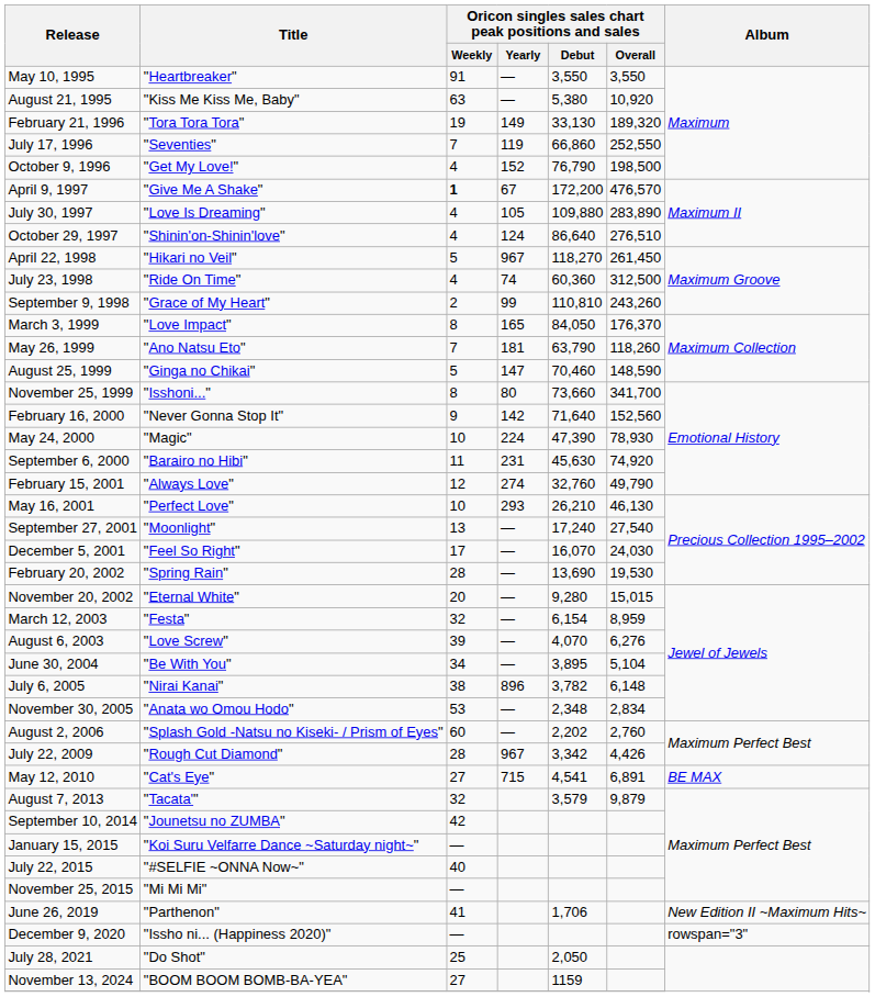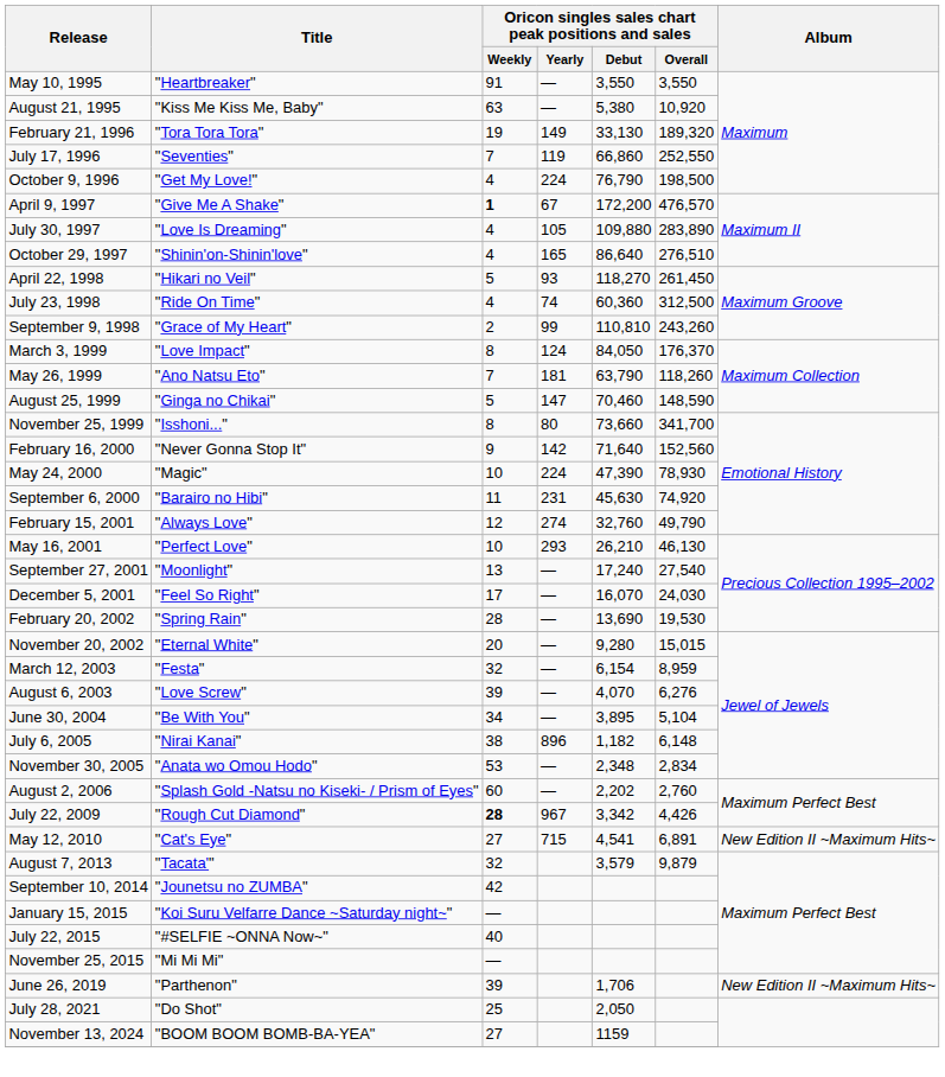 <table class="wikitable">
 <tr>
 <th rowspan="2">Release</th>
 <th rowspan="2">Title</th>
 <th colspan="4">Oricon singles sales chart peak positions and sales</th>
 <th rowspan="2">Album</th>
 </tr>
 <tr>
 <th width="50"><small>Weekly</small></th>
 <th width="50"><small>Yearly</small></th>
 <th width="50"><small>Debut</small></th>
 <th width="50"><small>Overall</small></th>
 </tr>
 <tr>
 <td>May 10, 1995</td>
 <td>"<a href='#'>Heartbreaker</a>"</td>
 <td>91</td>
 <td>—</td>
 <td>3,550</td>
 <td>3,550</td>
 <td rowspan="5"><em><a href='#'>Maximum</a></em></td>
 </tr>
 <tr>
 <td>August 21, 1995</td>
 <td>"Kiss Me Kiss Me, Baby"</td>
 <td>63</td>
 <td>—</td>
 <td>5,380</td>
 <td>10,920</td>
 </tr>
 <tr>
 <td>February 21, 1996</td>
 <td>"<a href='#'>Tora Tora Tora</a>"</td>
 <td>19</td>
 <td>149</td>
 <td>33,130</td>
 <td>189,320</td>
 </tr>
 <tr>
 <td>July 17, 1996</td>
 <td>"<a href='#'>Seventies</a>"</td>
 <td>7</td>
 <td>119</td>
 <td>66,860</td>
 <td>252,550</td>
 </tr>
 <tr>
 <td>October 9, 1996</td>
 <td>"<a href='#'>Get My Love!</a>"</td>
 <td>4</td>
-<td>152</td>
+<td>224</td>
 <td>76,790</td>
 <td>198,500</td>
 </tr>
 <tr>
 <td>April 9, 1997</td>
 <td>"<a href='#'>Give Me A Shake</a>"</td>
 <td><strong>1</strong></td>
 <td>67</td>
 <td>172,200</td>
 <td>476,570</td>
 <td rowspan="3"><em><a href='#'>Maximum II</a></em></td>
 </tr>
 <tr>
 <td>July 30, 1997</td>
 <td>"<a href='#'>Love Is Dreaming</a>"</td>
 <td>4</td>
 <td>105</td>
 <td>109,880</td>
 <td>283,890</td>
 </tr>
 <tr>
 <td>October 29, 1997</td>
 <td>"<a href='#'>Shinin'on-Shinin'love</a>"</td>
 <td>4</td>
-<td>124</td>
+<td>165</td>
 <td>86,640</td>
 <td>276,510</td>
 </tr>
 <tr>
 <td>April 22, 1998</td>
 <td>"<a href='#'>Hikari no Veil</a>"</td>
 <td>5</td>
-<td>967</td>
+<td>93</td>
 <td>118,270</td>
 <td>261,450</td>
 <td rowspan="3"><em><a href='#'>Maximum Groove</a></em></td>
 </tr>
 <tr>
 <td>July 23, 1998</td>
 <td>"<a href='#'>Ride On Time</a>"</td>
 <td>4</td>
 <td>74</td>
 <td>60,360</td>
 <td>312,500</td>
 </tr>
 <tr>
 <td>September 9, 1998</td>
 <td>"<a href='#'>Grace of My Heart</a>"</td>
 <td>2</td>
 <td>99</td>
 <td>110,810</td>
 <td>243,260</td>
 </tr>
 <tr>
 <td>March 3, 1999</td>
 <td>"<a href='#'>Love Impact</a>"</td>
 <td>8</td>
-<td>165</td>
+<td>124</td>
 <td>84,050</td>
 <td>176,370</td>
 <td rowspan="3"><em><a href='#'>Maximum Collection</a></em></td>
 </tr>
 <tr>
 <td>May 26, 1999</td>
 <td>"<a href='#'>Ano Natsu Eto</a>"</td>
 <td>7</td>
 <td>181</td>
 <td>63,790</td>
 <td>118,260</td>
 </tr>
 <tr>
 <td>August 25, 1999</td>
 <td>"<a href='#'>Ginga no Chikai</a>"</td>
 <td>5</td>
 <td>147</td>
 <td>70,460</td>
 <td>148,590</td>
 </tr>
 <tr>
 <td>November 25, 1999</td>
 <td>"<a href='#'>Isshoni...</a>"</td>
 <td>8</td>
 <td>80</td>
 <td>73,660</td>
 <td>341,700</td>
 <td rowspan="5"><em><a href='#'>Emotional History</a></em></td>
 </tr>
 <tr>
 <td>February 16, 2000</td>
 <td>"Never Gonna Stop It"</td>
 <td>9</td>
 <td>142</td>
 <td>71,640</td>
 <td>152,560</td>
 </tr>
 <tr>
 <td>May 24, 2000</td>
 <td>"Magic"</td>
 <td>10</td>
 <td>224</td>
 <td>47,390</td>
 <td>78,930</td>
 </tr>
 <tr>
 <td>September 6, 2000</td>
 <td>"<a href='#'>Barairo no Hibi</a>"</td>
 <td>11</td>
 <td>231</td>
 <td>45,630</td>
 <td>74,920</td>
 </tr>
 <tr>
 <td>February 15, 2001</td>
 <td>"<a href='#'>Always Love</a>"</td>
 <td>12</td>
 <td>274</td>
 <td>32,760</td>
 <td>49,790</td>
 </tr>
 <tr>
 <td>May 16, 2001</td>
 <td>"<a href='#'>Perfect Love</a>"</td>
 <td>10</td>
 <td>293</td>
 <td>26,210</td>
 <td>46,130</td>
 <td rowspan="4"><em><a href='#'>Precious Collection 1995–2002</a></em></td>
 </tr>
 <tr>
 <td>September 27, 2001</td>
 <td>"<a href='#'>Moonlight</a>"</td>
 <td>13</td>
 <td>—</td>
 <td>17,240</td>
 <td>27,540</td>
 </tr>
 <tr>
 <td>December 5, 2001</td>
 <td>"<a href='#'>Feel So Right</a>"</td>
 <td>17</td>
 <td>—</td>
 <td>16,070</td>
 <td>24,030</td>
 </tr>
 <tr>
 <td>February 20, 2002</td>
 <td>"<a href='#'>Spring Rain</a>"</td>
 <td>28</td>
 <td>—</td>
 <td>13,690</td>
 <td>19,530</td>
 </tr>
 <tr>
 <td>November 20, 2002</td>
 <td>"<a href='#'>Eternal White</a>"</td>
 <td>20</td>
 <td>—</td>
 <td>9,280</td>
 <td>15,015</td>
 <td rowspan="6"><em><a href='#'>Jewel of Jewels</a></em></td>
 </tr>
 <tr>
 <td>March 12, 2003</td>
 <td>"<a href='#'>Festa</a>"</td>
 <td>32</td>
 <td>—</td>
 <td>6,154</td>
 <td>8,959</td>
 </tr>
 <tr>
 <td>August 6, 2003</td>
 <td>"<a href='#'>Love Screw</a>"</td>
 <td>39</td>
 <td>—</td>
 <td>4,070</td>
 <td>6,276</td>
 </tr>
 <tr>
 <td>June 30, 2004</td>
 <td>"<a href='#'>Be With You</a>"</td>
 <td>34</td>
 <td>—</td>
 <td>3,895</td>
 <td>5,104</td>
 </tr>
 <tr>
 <td>July 6, 2005</td>
 <td>"<a href='#'>Nirai Kanai</a>"</td>
 <td>38</td>
 <td>896</td>
-<td>3,782</td>
+<td>1,182</td>
 <td>6,148</td>
 </tr>
 <tr>
 <td>November 30, 2005</td>
 <td>"<a href='#'>Anata wo Omou Hodo</a>"</td>
 <td>53</td>
 <td>—</td>
 <td>2,348</td>
 <td>2,834</td>
 </tr>
 <tr>
 <td>August 2, 2006</td>
 <td>"<a href='#'>Splash Gold -Natsu no Kiseki- / Prism of Eyes</a>"</td>
 <td>60</td>
 <td>—</td>
 <td>2,202</td>
 <td>2,760</td>
 <td rowspan="2"><em>Maximum Perfect Best</em></td>
 </tr>
 <tr>
 <td>July 22, 2009</td>
 <td>"<a href='#'>Rough Cut Diamond</a>"</td>
-<td>28</td>
+<td><strong>28</strong></td>
 <td>967</td>
 <td>3,342</td>
 <td>4,426</td>
 </tr>
 <tr>
 <td>May 12, 2010</td>
 <td>"<a href='#'>Cat's Eye</a>"</td>
 <td>27</td>
 <td>715</td>
 <td>4,541</td>
 <td>6,891</td>
-<td><em><a href='#'>BE MAX</a></em></td>
+<td><em>New Edition II ~Maximum Hits~</em></td>
 </tr>
 <tr>
 <td>August 7, 2013</td>
 <td>"<a href='#'>Tacata'</a>"</td>
 <td>32</td>
 <td></td>
 <td>3,579</td>
 <td>9,879</td>
 <td rowspan="5"><em>Maximum Perfect Best</em></td>
 </tr>
 <tr>
 <td>September 10, 2014</td>
 <td>"<a href='#'>Jounetsu no ZUMBA</a>"</td>
 <td>42</td>
 <td></td>
 <td></td>
 <td></td>
 </tr>
 <tr>
 <td>January 15, 2015</td>
 <td>"<a href='#'>Koi Suru Velfarre Dance ~Saturday night~</a>"</td>
 <td>—</td>
 <td></td>
 <td></td>
 <td></td>
 </tr>
 <tr>
 <td>July 22, 2015</td>
 <td>"#SELFIE ~ONNA Now~"</td>
 <td>40</td>
 <td></td>
 <td></td>
 <td></td>
 </tr>
 <tr>
 <td>November 25, 2015</td>
 <td>"Mi Mi Mi"</td>
 <td>—</td>
 <td></td>
 <td></td>
 <td></td>
 </tr>
 <tr>
 <td>June 26, 2019</td>
 <td>"Parthenon"</td>
-<td>41</td>
+<td>39</td>
 <td></td>
 <td>1,706</td>
 <td></td>
 <td><em>New Edition II ~Maximum Hits~</em></td>
-</tr>
-<tr>
-<td>December 9, 2020</td>
-<td>"Issho ni... (Happiness 2020)"</td>
-<td>—</td>
-<td></td>
-<td></td>
-<td></td>
-<td>rowspan="3" </td>
 </tr>
 <tr>
 <td>July 28, 2021</td>
 <td>"Do Shot"</td>
 <td>25</td>
 <td></td>
 <td>2,050</td>
 <td></td>
 </tr>
 <tr>
 <td>November 13, 2024</td>
 <td>"BOOM BOOM BOMB-BA-YEA"</td>
 <td>27 </td>
 <td></td>
 <td>1159 </td>
 <td></td>
 </tr>
 <tr>
 </tr>
 </table>
